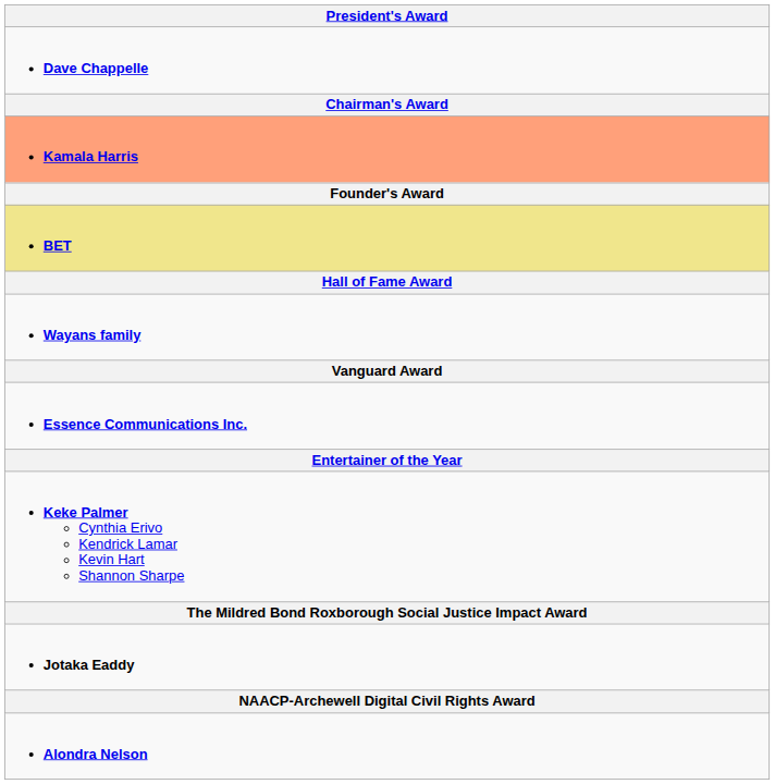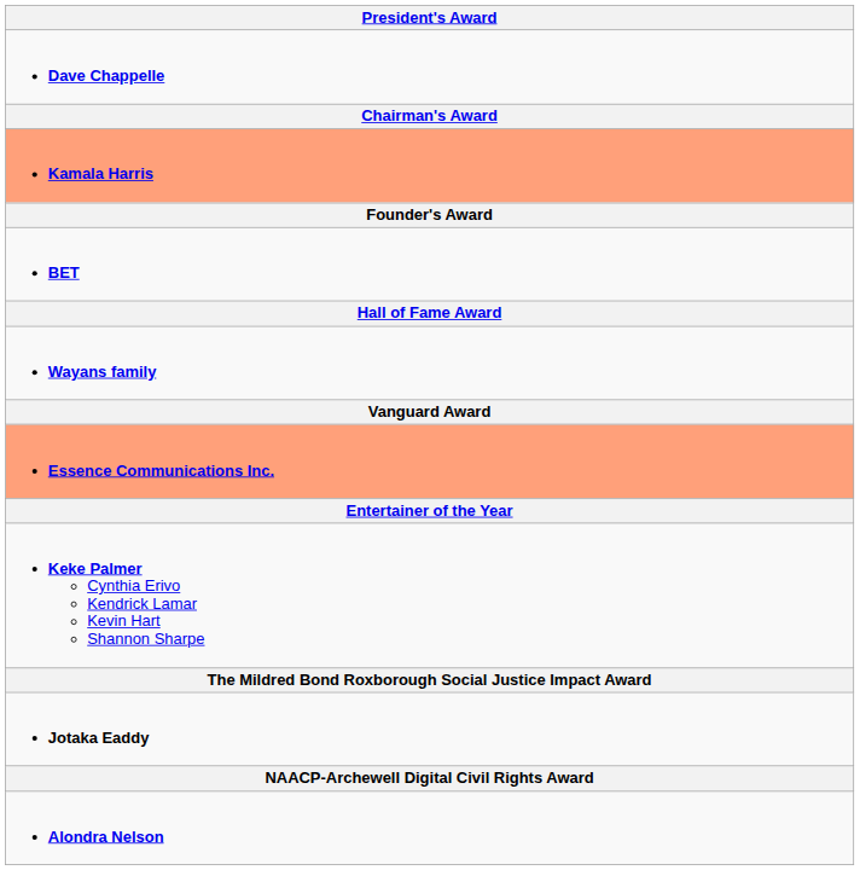 <table class="wikitable">
 <tr>
 <th style="width=50%"><a href='#'>President's Award</a></th>
 </tr>
 <tr>
 <td valign="top" width="50%"><br><ul><li><strong><a href='#'>Dave Chappelle</a></strong></li></ul></td>
 </tr>
 <tr>
 <th style="width=50%"><a href='#'>Chairman's Award</a></th>
 </tr>
 <tr>
 <td width="50%" valign="top" style="background: lightsalmon;"><br><ul><li><strong><a href='#'>Kamala Harris</a></strong></li></ul></td>
 </tr>
 <tr>
 <th style="width=50%">Founder's Award</th>
 </tr>
 <tr>
-<td width="50%" valign="top" style="background: khaki;"><br><ul><li><strong><a href='#'>BET</a></strong></li></ul></td>
+<td width="50%" valign="top"><br><ul><li><strong><a href='#'>BET</a></strong></li></ul></td>
 </tr>
 <tr>
 <th style="width=50%"><a href='#'>Hall of Fame Award</a></th>
 </tr>
 <tr>
 <td width="50%" valign="top"><br><ul><li><strong><a href='#'>Wayans family</a></strong></li></ul></td>
 </tr>
 <tr>
 <th style="width=50%">Vanguard Award</th>
 </tr>
 <tr>
-<td width="50%" valign="top"><br><ul><li><strong><a href='#'>Essence Communications Inc.</a></strong></li></ul></td>
+<td width="50%" valign="top" style="background: lightsalmon;"><br><ul><li><strong><a href='#'>Essence Communications Inc.</a></strong></li></ul></td>
 </tr>
 <tr>
 <th style="width=50%"><a href='#'>Entertainer of the Year</a></th>
 </tr>
 <tr>
 <td width="50%" valign="top"><br><ul><li><strong><a href='#'>Keke Palmer</a></strong><ul><li><a href='#'>Cynthia Erivo</a></li><li><a href='#'>Kendrick Lamar</a></li><li><a href='#'>Kevin Hart</a></li><li><a href='#'>Shannon Sharpe</a></li></ul></li></ul></td>
 </tr>
 <tr>
 <th style="width=50%">The Mildred Bond Roxborough Social Justice Impact Award</th>
 </tr>
 <tr>
 <td width="50%" valign="top"><br><ul><li><strong>Jotaka Eaddy</strong></li></ul></td>
 </tr>
 <tr>
 <th style="width=50%">NAACP-Archewell Digital Civil Rights Award</th>
 </tr>
 <tr>
 <td width="50%" valign="top"><br><ul><li><strong><a href='#'>Alondra Nelson</a></strong></li></ul></td>
 </tr>
 </table>
